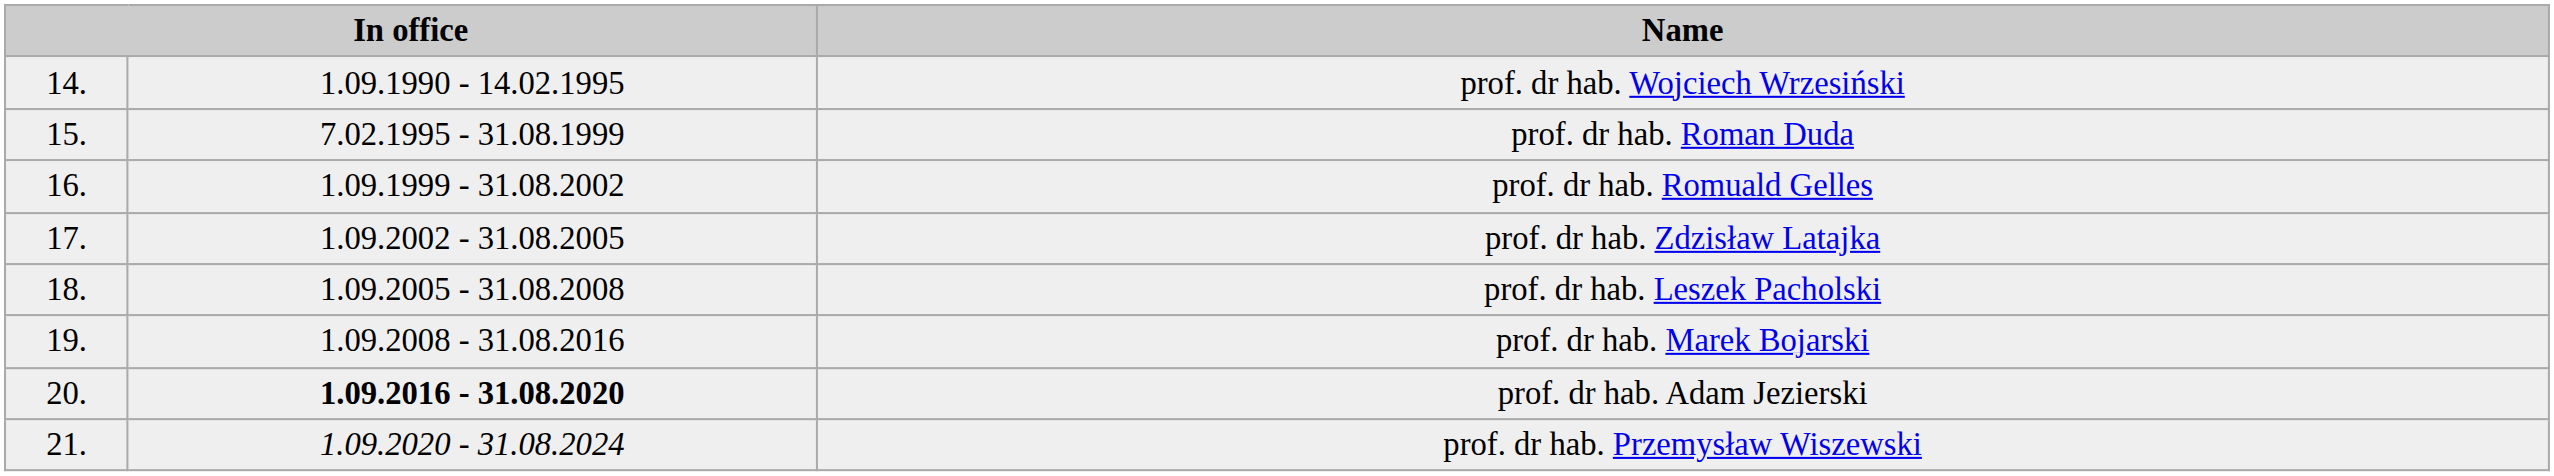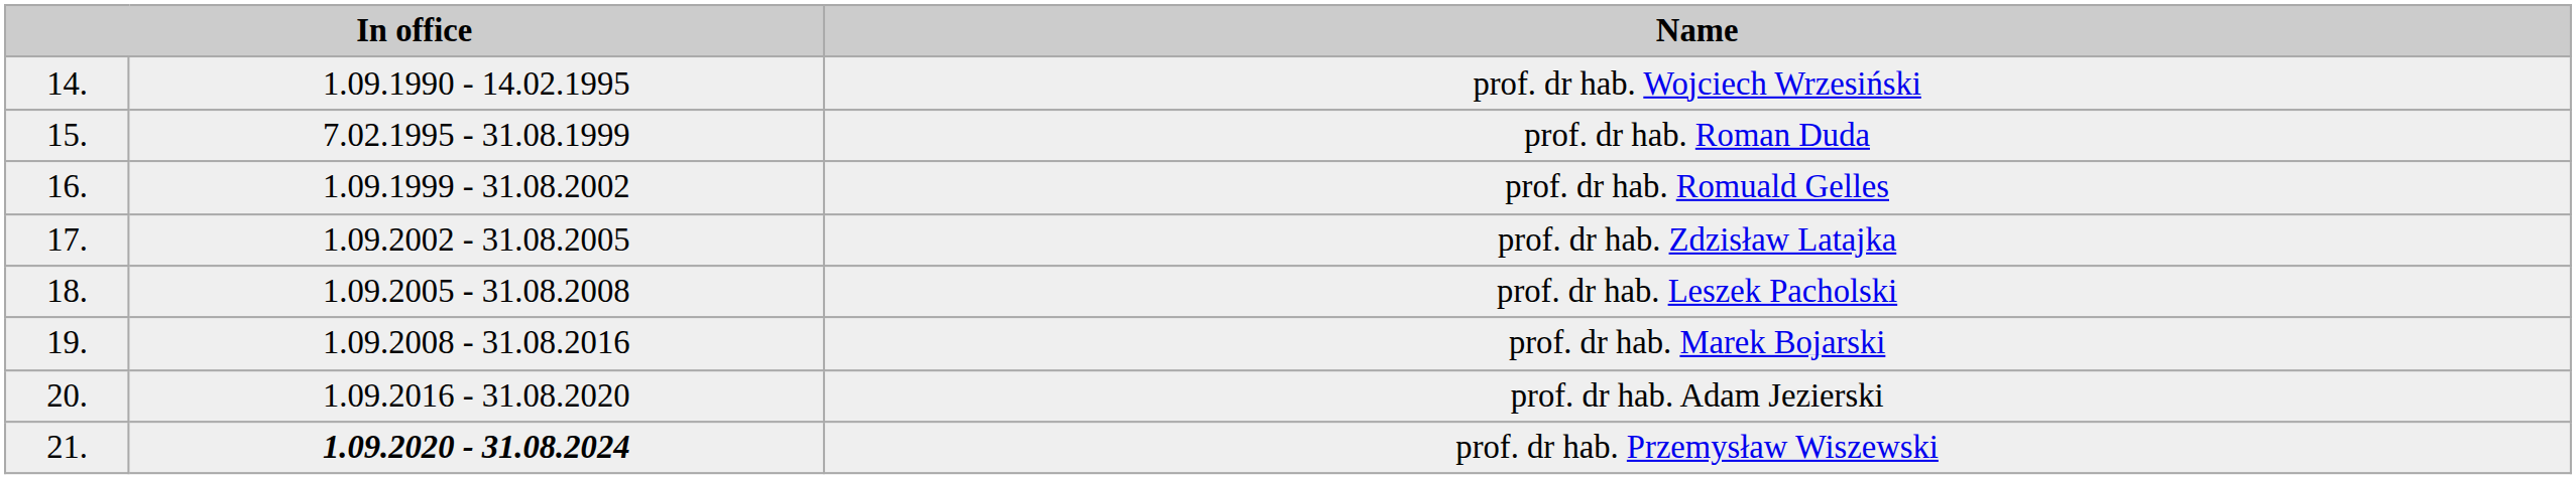 <table class="wikitable" width="">
 <tr align="center" bgcolor="#CCCCCC">
 <td colspan="2" width="14%"><strong>In office</strong></td>
 <td width="30%"><strong>Name</strong></td>
 </tr>
 <tr bgcolor="#EFEFEF">
 <td align=center>14.</td>
 <td align=center>1.09.1990 - 14.02.1995</td>
 <td align=center>prof. dr hab. <a href='#'>Wojciech Wrzesiński</a></td>
 </tr>
 <tr bgcolor="#EFEFEF">
 <td align=center>15.</td>
 <td align=center>7.02.1995 - 31.08.1999</td>
 <td align=center>prof. dr hab. <a href='#'>Roman Duda</a></td>
 </tr>
 <tr bgcolor="#EFEFEF">
 <td align=center>16.</td>
 <td align=center>1.09.1999 - 31.08.2002</td>
 <td align=center>prof. dr hab. <a href='#'>Romuald Gelles</a></td>
 </tr>
 <tr bgcolor="#EFEFEF">
 <td align=center>17.</td>
 <td align=center>1.09.2002 - 31.08.2005</td>
 <td align=center>prof. dr hab. <a href='#'>Zdzisław Latajka</a></td>
 </tr>
 <tr bgcolor="#EFEFEF">
 <td align=center>18.</td>
 <td align=center>1.09.2005 - 31.08.2008</td>
 <td align=center>prof. dr hab. <a href='#'>Leszek Pacholski</a></td>
 </tr>
 <tr bgcolor="#EFEFEF">
 <td align=center>19.</td>
 <td align=center>1.09.2008 - 31.08.2016</td>
 <td align=center>prof. dr hab. <a href='#'>Marek Bojarski</a></td>
 </tr>
 <tr bgcolor="#EFEFEF">
 <td align=center>20.</td>
-<td align=center><strong>1.09.2016 - 31.08.2020</strong></td>
+<td align=center>1.09.2016 - 31.08.2020</td>
 <td align=center>prof. dr hab. Adam Jezierski</td>
 </tr>
 <tr bgcolor="#EFEFEF">
 <td align=center>21.</td>
-<td align=center><em>1.09.2020 - 31.08.2024</em></td>
+<td align=center><strong><em>1.09.2020 - 31.08.2024</em></strong></td>
 <td align=center>prof. dr hab. <a href='#'>Przemysław Wiszewski</a></td>
 </tr>
 </table>
